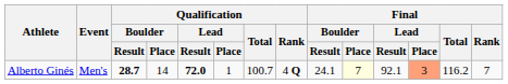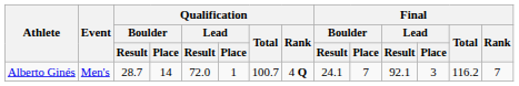 <table class="wikitable" style="font-size:90%">
 <tr>
 <th rowspan="3">Athlete</th>
 <th rowspan="3">Event</th>
 <th colspan="6">Qualification</th>
 <th colspan="6">Final</th>
 </tr>
 <tr style="font-size: 95%">
 <th colspan="2">Boulder</th>
 <th colspan="2">Lead</th>
 <th rowspan="2">Total</th>
 <th rowspan="2">Rank</th>
 <th colspan="2">Boulder</th>
 <th colspan="2">Lead</th>
 <th rowspan="2">Total</th>
 <th rowspan="2">Rank</th>
 </tr>
 <tr style="font-size: 95%">
 <th>Result</th>
 <th>Place</th>
 <th>Result</th>
 <th>Place</th>
 <th>Result</th>
 <th>Place</th>
 <th>Result</th>
 <th>Place</th>
 </tr>
 <tr align=center>
 <td align=left><a href='#'>Alberto Ginés</a></td>
 <td align=left><a href='#'>Men's</a></td>
-<td><strong>28.7</strong></td>
+<td>28.7</td>
 <td>14</td>
-<td><strong>72.0</strong></td>
+<td>72.0</td>
 <td>1</td>
 <td>100.7</td>
 <td>4 <strong>Q</strong></td>
 <td>24.1</td>
-<td style="background: lightyellow;">7</td>
+<td>7</td>
 <td>92.1</td>
-<td style="background: lightsalmon;">3</td>
+<td>3</td>
 <td>116.2</td>
 <td>7</td>
 </tr>
 </table>
